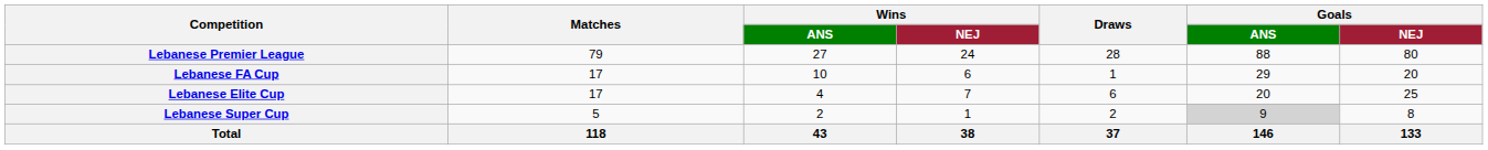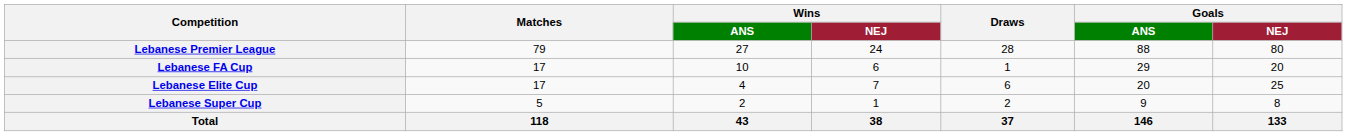 <table class="wikitable sortable" style="text-align:center; width:95%;">
 <tr>
 <th rowspan="2" style="width:15%;">Competition</th>
 <th rowspan="2" style="width:10%;">Matches</th>
 <th colspan="2" style="width:10%;">Wins</th>
 <th rowspan="2" style="width:5%;">Draws</th>
 <th colspan="2" style="width:10%;">Goals</th>
 </tr>
 <tr>
 <th style="color:white; background-color:green;">ANS</th>
 <th style="color:white; background-color:#9F1D35;">NEJ</th>
 <th style="color:white; background-color:green;">ANS</th>
 <th style="color:white; background-color:#9F1D35;">NEJ</th>
 </tr>
 <tr>
 <th scope="row"><a href='#'>Lebanese Premier League</a></th>
 <td>79</td>
 <td>27</td>
 <td>24</td>
 <td>28</td>
 <td>88</td>
 <td>80</td>
 </tr>
 <tr>
 <th scope="row"><a href='#'>Lebanese FA Cup</a></th>
 <td>17</td>
 <td>10</td>
 <td>6</td>
 <td>1</td>
 <td>29</td>
 <td>20</td>
 </tr>
 <tr>
 <th scope="row"><a href='#'>Lebanese Elite Cup</a></th>
 <td>17</td>
 <td>4</td>
 <td>7</td>
 <td>6</td>
 <td>20</td>
 <td>25</td>
 </tr>
 <tr>
 <th scope="row"><a href='#'>Lebanese Super Cup</a></th>
 <td>5</td>
 <td>2</td>
 <td>1</td>
 <td>2</td>
-<td style="background: lightgrey;">9</td>
+<td>9</td>
 <td>8</td>
 </tr>
 <tr>
 <th scope="row">Total</th>
 <th>118</th>
 <th>43</th>
 <th>38</th>
 <th>37</th>
 <th>146</th>
 <th>133</th>
 </tr>
 </table>
